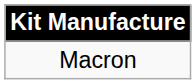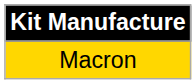 <table class="wikitable" style="text-align:center;margin-left:1em">
 <tr>
 <th style="background:#000000; color:#FFF; text-align:center;">Kit Manufacture</th>
 </tr>
 <tr>
-<td>Macron</td>
+<td style="background: gold;">Macron</td>
 </tr>
 </table>
